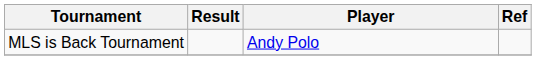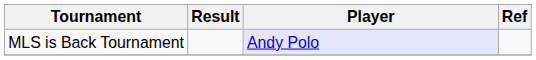 <table class=wikitable>
 <tr>
 <th>Tournament</th>
 <th>Result</th>
 <th style="width:250px;">Player</th>
 <th>Ref</th>
 </tr>
 <tr>
 <td>MLS is Back Tournament</td>
 <td></td>
-<td> <a href='#'>Andy Polo</a></td>
+<td style="background: lavender;"> <a href='#'>Andy Polo</a></td>
 <td></td>
 </tr>
 <tr>
 </tr>
 </table>
